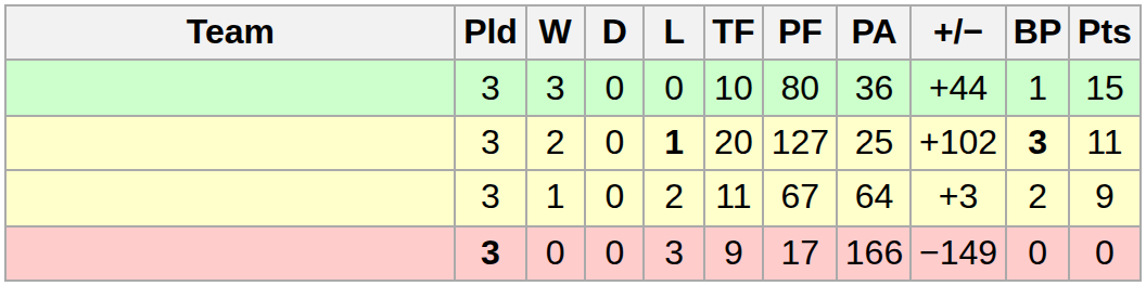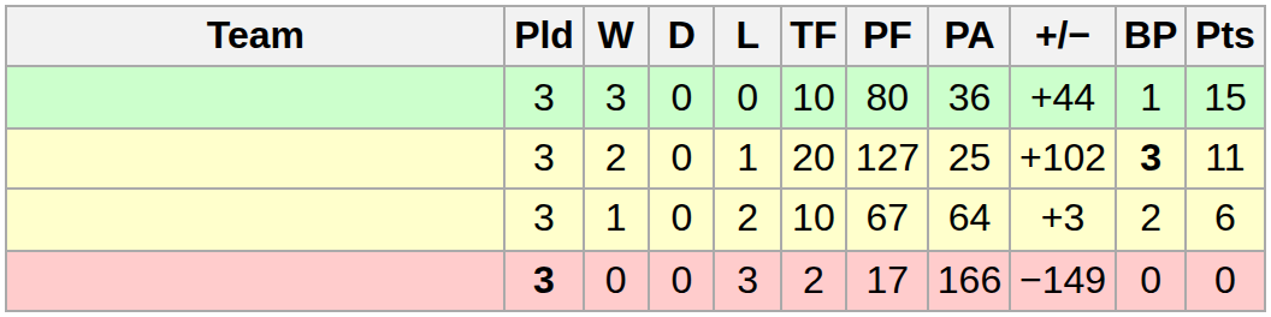 <table class="wikitable" style="text-align:center">
 <tr>
 <th width="200">Team</th>
 <th width="20">Pld</th>
 <th width="20">W</th>
 <th width="20">D</th>
 <th width="20">L</th>
 <th width="20">TF</th>
 <th width="20">PF</th>
 <th width="20">PA</th>
 <th width="25">+/−</th>
 <th width="20">BP</th>
 <th width="20">Pts</th>
 </tr>
 <tr style="background:#cfc;">
 <td align=left></td>
 <td>3</td>
 <td>3</td>
 <td>0</td>
 <td>0</td>
 <td>10</td>
 <td>80</td>
 <td>36</td>
 <td>+44</td>
 <td>1</td>
 <td>15</td>
 </tr>
 <tr style="background:#ffc;">
 <td align=left></td>
 <td>3</td>
 <td>2</td>
 <td>0</td>
-<td><strong>1</strong></td>
+<td>1</td>
 <td>20</td>
 <td>127</td>
 <td>25</td>
 <td>+102</td>
 <td><strong>3</strong></td>
 <td>11</td>
 </tr>
 <tr style="background:#ffc;">
 <td align=left></td>
 <td>3</td>
 <td>1</td>
 <td>0</td>
 <td>2</td>
-<td>11</td>
+<td>10</td>
 <td>67</td>
 <td>64</td>
 <td>+3</td>
 <td>2</td>
-<td>9</td>
+<td>6</td>
 </tr>
 <tr style="background:#fcc;">
 <td align=left></td>
 <td><strong>3</strong></td>
 <td>0</td>
 <td>0</td>
 <td>3</td>
-<td>9</td>
+<td>2</td>
 <td>17</td>
 <td>166</td>
 <td>−149</td>
 <td>0</td>
 <td>0</td>
 </tr>
 </table>
